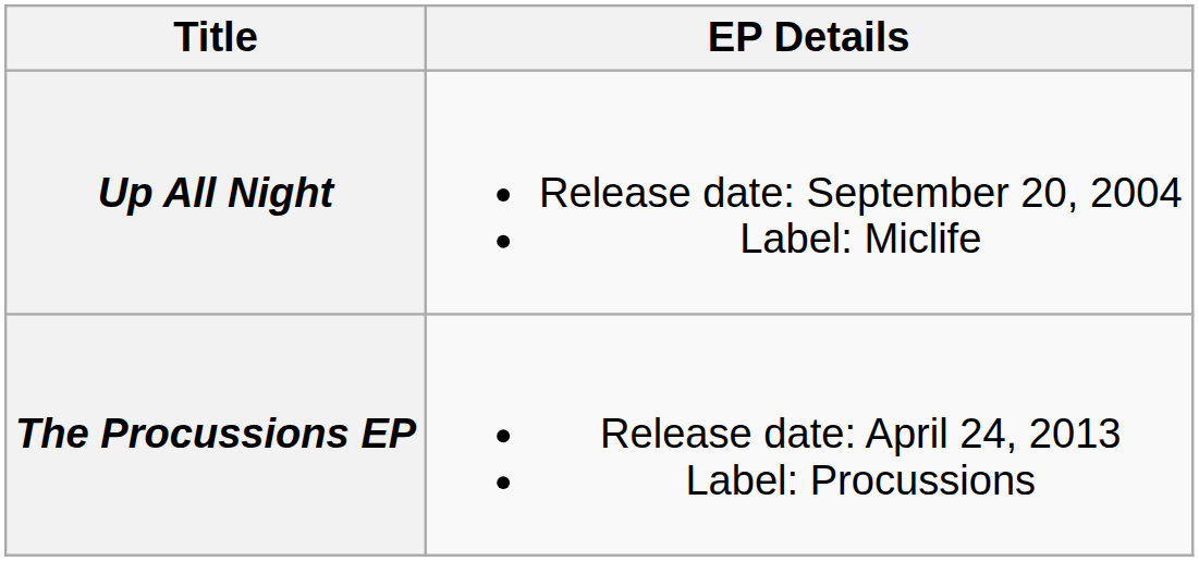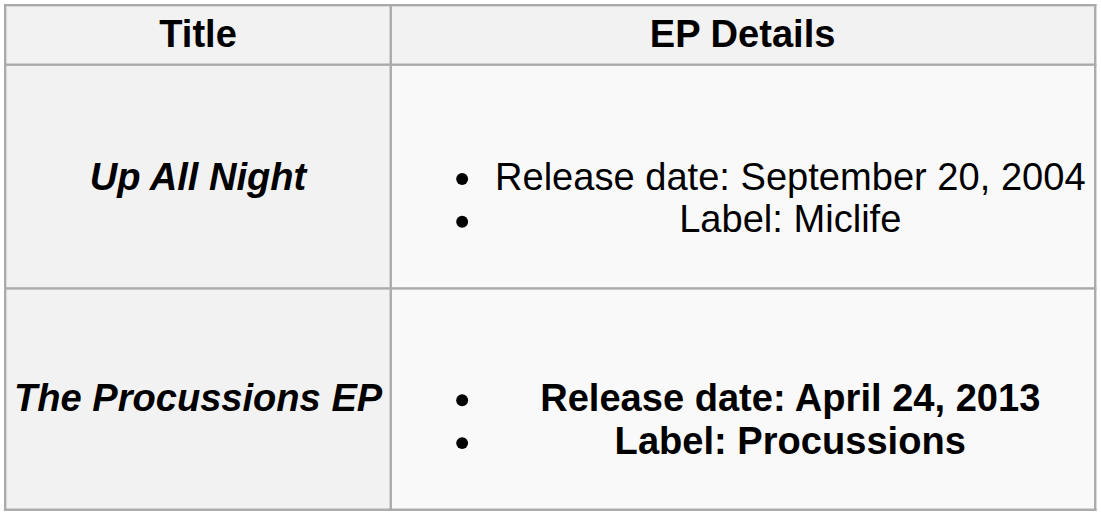 <table class="wikitable" style="text-align:center;">
 <tr>
 <th>Title</th>
 <th>EP Details</th>
 </tr>
 <tr>
 <th scope="row"><em>Up All Night</em></th>
 <td><br><ul><li>Release date: September 20, 2004</li><li>Label: Miclife</li></ul></td>
 </tr>
 <tr>
 <th scope="row"><em>The Procussions EP</em></th>
-<td><br><ul><li>Release date: April 24, 2013</li><li>Label: Procussions</li></ul></td>
+<td><strong><br><ul><li>Release date: April 24, 2013</li><li>Label: Procussions</li></ul></strong></td>
 </tr>
 </table>
